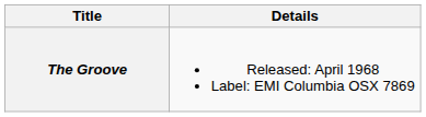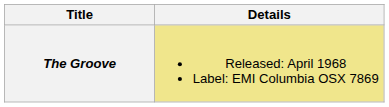 <table class="wikitable plainrowheaders" style="text-align:center;" border="1">
 <tr>
 <th scope="col" style="width:11em;">Title</th>
 <th scope="col" style="width:17em;">Details</th>
 </tr>
 <tr>
 <th scope="row"><em>The Groove</em></th>
-<td><br><ul><li>Released: April 1968</li><li>Label: EMI Columbia OSX 7869</li></ul></td>
+<td style="background: khaki;"><br><ul><li>Released: April 1968</li><li>Label: EMI Columbia OSX 7869</li></ul></td>
 </tr>
 </table>
